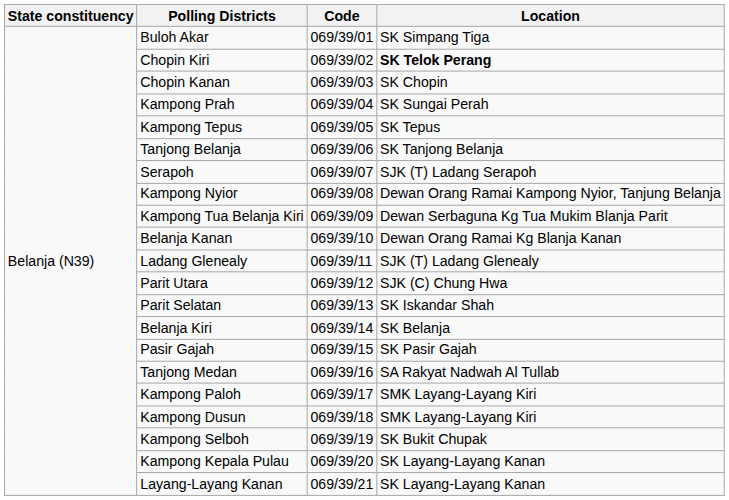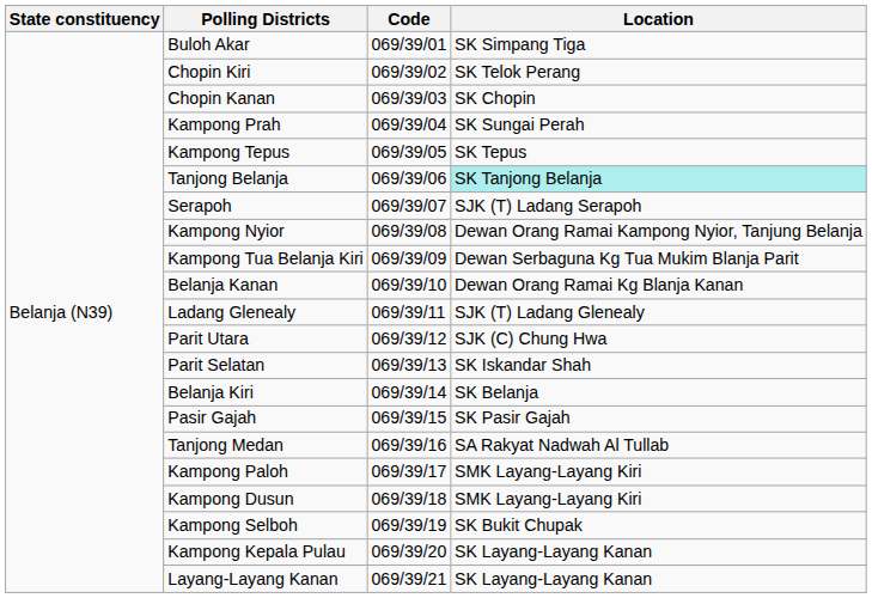 <table class="wikitable sortable mw-collapsible" style="white-space:nowrap;font-size:85%">
 <tr>
 <th>State constituency</th>
 <th>Polling Districts</th>
 <th>Code</th>
 <th>Location</th>
 </tr>
 <tr>
 <td rowspan="21">Belanja (N39)</td>
 <td>Buloh Akar</td>
 <td>069/39/01</td>
 <td>SK Simpang Tiga</td>
 </tr>
 <tr>
 <td>Chopin Kiri</td>
 <td>069/39/02</td>
-<td><strong>SK Telok Perang</strong></td>
+<td>SK Telok Perang</td>
 </tr>
 <tr>
 <td>Chopin Kanan</td>
 <td>069/39/03</td>
 <td>SK Chopin</td>
 </tr>
 <tr>
 <td>Kampong Prah</td>
 <td>069/39/04</td>
 <td>SK Sungai Perah</td>
 </tr>
 <tr>
 <td>Kampong Tepus</td>
 <td>069/39/05</td>
 <td>SK Tepus</td>
 </tr>
 <tr>
 <td>Tanjong Belanja</td>
 <td>069/39/06</td>
-<td>SK Tanjong Belanja</td>
+<td style="background: paleturquoise;">SK Tanjong Belanja</td>
 </tr>
 <tr>
 <td>Serapoh</td>
 <td>069/39/07</td>
 <td>SJK (T) Ladang Serapoh</td>
 </tr>
 <tr>
 <td>Kampong Nyior</td>
 <td>069/39/08</td>
 <td>Dewan Orang Ramai Kampong Nyior, Tanjung Belanja</td>
 </tr>
 <tr>
 <td>Kampong Tua Belanja Kiri</td>
 <td>069/39/09</td>
 <td>Dewan Serbaguna Kg Tua Mukim Blanja Parit</td>
 </tr>
 <tr>
 <td>Belanja Kanan</td>
 <td>069/39/10</td>
 <td>Dewan Orang Ramai Kg Blanja Kanan</td>
 </tr>
 <tr>
 <td>Ladang Glenealy</td>
 <td>069/39/11</td>
 <td>SJK (T) Ladang Glenealy</td>
 </tr>
 <tr>
 <td>Parit Utara</td>
 <td>069/39/12</td>
 <td>SJK (C) Chung Hwa</td>
 </tr>
 <tr>
 <td>Parit Selatan</td>
 <td>069/39/13</td>
 <td>SK Iskandar Shah</td>
 </tr>
 <tr>
 <td>Belanja Kiri</td>
 <td>069/39/14</td>
 <td>SK Belanja</td>
 </tr>
 <tr>
 <td>Pasir Gajah</td>
 <td>069/39/15</td>
 <td>SK Pasir Gajah</td>
 </tr>
 <tr>
 <td>Tanjong Medan</td>
 <td>069/39/16</td>
 <td>SA Rakyat Nadwah Al Tullab</td>
 </tr>
 <tr>
 <td>Kampong Paloh</td>
 <td>069/39/17</td>
 <td>SMK Layang-Layang Kiri</td>
 </tr>
 <tr>
 <td>Kampong Dusun</td>
 <td>069/39/18</td>
 <td>SMK Layang-Layang Kiri</td>
 </tr>
 <tr>
 <td>Kampong Selboh</td>
 <td>069/39/19</td>
 <td>SK Bukit Chupak</td>
 </tr>
 <tr>
 <td>Kampong Kepala Pulau</td>
 <td>069/39/20</td>
 <td>SK Layang-Layang Kanan</td>
 </tr>
 <tr>
 <td>Layang-Layang Kanan</td>
 <td>069/39/21</td>
 <td>SK Layang-Layang Kanan</td>
 </tr>
 </table>
